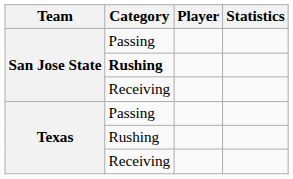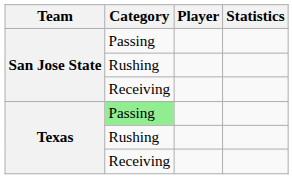 <table class="wikitable" style="float:right">
 <tr>
 <th>Team</th>
 <th>Category</th>
 <th>Player</th>
 <th>Statistics</th>
 </tr>
 <tr>
 <th rowspan=3>San Jose State</th>
 <td>Passing</td>
 <td></td>
 <td></td>
 </tr>
 <tr>
-<td><strong>Rushing</strong></td>
+<td>Rushing</td>
 <td></td>
 <td></td>
 </tr>
 <tr>
 <td>Receiving</td>
 <td></td>
 <td></td>
 </tr>
 <tr>
 <th rowspan=3>Texas</th>
-<td>Passing</td>
+<td style="background: lightgreen;">Passing</td>
 <td></td>
 <td></td>
 </tr>
 <tr>
 <td>Rushing</td>
 <td></td>
 <td></td>
 </tr>
 <tr>
 <td>Receiving</td>
 <td></td>
 <td></td>
 </tr>
 </table>
